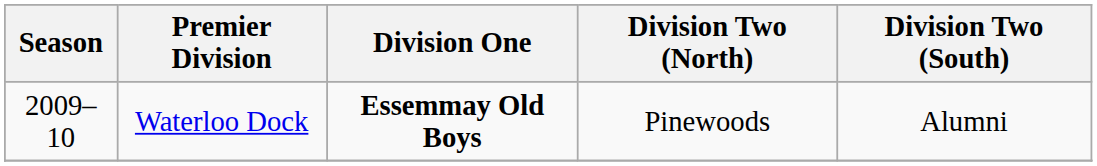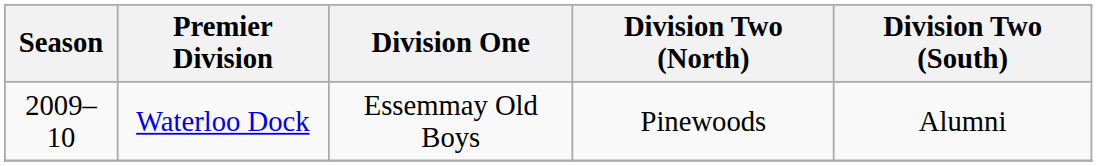 <table class="wikitable" style="text-align: center">
 <tr>
 <th>Season</th>
 <th>Premier Division</th>
 <th>Division One</th>
 <th>Division Two (North)</th>
 <th>Division Two (South)</th>
 </tr>
 <tr>
 <td>2009–10</td>
 <td><a href='#'>Waterloo Dock</a></td>
-<td><strong>Essemmay Old Boys</strong></td>
+<td>Essemmay Old Boys</td>
 <td>Pinewoods</td>
 <td>Alumni</td>
 </tr>
 <tr>
 </tr>
 <tr>
 </tr>
 </table>
